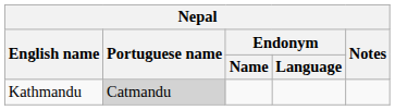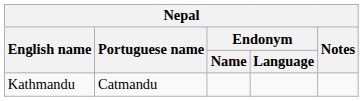 <table class="wikitable sortable">
 <tr>
 <th colspan="5"> Nepal</th>
 </tr>
 <tr>
 <th rowspan="2">English name</th>
 <th rowspan="2">Portuguese name</th>
 <th colspan="2">Endonym</th>
 <th rowspan="2">Notes</th>
 </tr>
 <tr>
 <th>Name</th>
 <th>Language</th>
 </tr>
 <tr>
 <td>Kathmandu</td>
-<td style="background: lightgrey;">Catmandu</td>
+<td>Catmandu</td>
 <td></td>
 <td></td>
 <td></td>
 </tr>
 </table>
